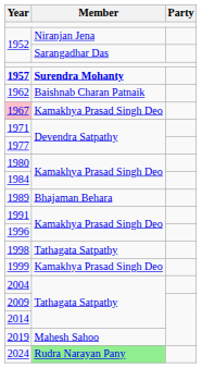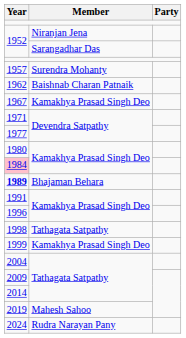 <table class="wikitable sortable">
 <tr>
 <th>Year</th>
 <th>Member</th>
 <th colspan="2">Party</th>
 </tr>
 <tr>
 <td colspan="4"></td>
 </tr>
 <tr>
 <td rowspan="2"><a href='#'>1952</a></td>
 <td><a href='#'>Niranjan Jena</a></td>
 <td></td>
 </tr>
 <tr>
 <td><a href='#'>Sarangadhar Das</a></td>
 <td></td>
 </tr>
 <tr>
 <td colspan="4"></td>
 </tr>
 <tr>
-<td><strong><a href='#'>1957</a></strong></td>
-<td><strong><a href='#'>Surendra Mohanty</a></strong></td>
+<td><a href='#'>1957</a></td>
+<td><a href='#'>Surendra Mohanty</a></td>
 <td></td>
 </tr>
 <tr>
 <td><a href='#'>1962</a></td>
 <td><a href='#'>Baishnab Charan Patnaik</a></td>
 <td></td>
 </tr>
 <tr>
-<td style="background: pink;"><a href='#'>1967</a></td>
+<td><a href='#'>1967</a></td>
 <td><a href='#'>Kamakhya Prasad Singh Deo</a></td>
 <td></td>
 </tr>
 <tr>
 <td><a href='#'>1971</a></td>
 <td rowspan="2"><a href='#'>Devendra Satpathy</a></td>
 <td></td>
 </tr>
 <tr>
 <td><a href='#'>1977</a></td>
 <td></td>
 </tr>
 <tr>
 <td><a href='#'>1980</a></td>
 <td rowspan="2"><a href='#'>Kamakhya Prasad Singh Deo</a></td>
 <td></td>
 </tr>
 <tr>
-<td><a href='#'>1984</a></td>
+<td style="background: pink;"><a href='#'>1984</a></td>
 </tr>
 <tr>
-<td><a href='#'>1989</a></td>
+<td><strong><a href='#'>1989</a></strong></td>
 <td><a href='#'>Bhajaman Behara</a></td>
 <td></td>
 </tr>
 <tr>
 <td><a href='#'>1991</a></td>
 <td rowspan="2"><a href='#'>Kamakhya Prasad Singh Deo</a></td>
 <td></td>
 </tr>
 <tr>
 <td><a href='#'>1996</a></td>
 </tr>
 <tr>
 <td><a href='#'>1998</a></td>
 <td><a href='#'>Tathagata Satpathy</a></td>
 <td></td>
 </tr>
 <tr>
 <td><a href='#'>1999</a></td>
 <td><a href='#'>Kamakhya Prasad Singh Deo</a></td>
 <td></td>
 </tr>
 <tr>
 <td><a href='#'>2004</a></td>
 <td rowspan="3"><a href='#'>Tathagata Satpathy</a></td>
 <td></td>
 </tr>
 <tr>
 <td><a href='#'>2009</a></td>
 </tr>
 <tr>
 <td><a href='#'>2014</a></td>
 </tr>
 <tr>
 <td><a href='#'>2019</a></td>
 <td><a href='#'>Mahesh Sahoo</a></td>
 </tr>
 <tr>
 <td><a href='#'>2024</a></td>
-<td style="background: lightgreen;"><a href='#'>Rudra Narayan Pany</a></td>
+<td><a href='#'>Rudra Narayan Pany</a></td>
 <td></td>
 </tr>
 </table>
